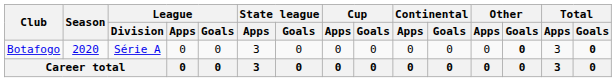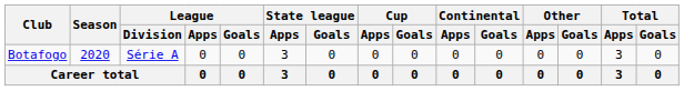 <table class="wikitable" style="text-align: center">
 <tr>
 <th rowspan="2">Club</th>
 <th rowspan="2">Season</th>
 <th colspan="3">League</th>
 <th colspan="2">State league</th>
 <th colspan="2">Cup</th>
 <th colspan="2">Continental</th>
 <th colspan="2">Other</th>
 <th colspan="2">Total</th>
 </tr>
 <tr>
 <th>Division</th>
 <th>Apps</th>
 <th>Goals</th>
 <th>Apps</th>
 <th>Goals</th>
 <th>Apps</th>
 <th>Goals</th>
 <th>Apps</th>
 <th>Goals</th>
 <th>Apps</th>
 <th>Goals</th>
 <th>Apps</th>
 <th>Goals</th>
 </tr>
 <tr>
 <td><a href='#'>Botafogo</a></td>
 <td><a href='#'>2020</a></td>
 <td><a href='#'>Série A</a></td>
 <td>0</td>
 <td>0</td>
 <td>3</td>
 <td>0</td>
 <td>0</td>
 <td>0</td>
 <td>0</td>
 <td>0</td>
 <td>0</td>
-<td><strong>0</strong></td>
+<td>0</td>
 <td>3</td>
-<td><strong>0</strong></td>
+<td>0</td>
 </tr>
 <tr>
 <th colspan="3"><strong>Career total</strong></th>
 <th>0</th>
 <th>0</th>
 <th>3</th>
 <th>0</th>
 <th>0</th>
 <th>0</th>
 <th>0</th>
 <th>0</th>
 <th>0</th>
 <th>0</th>
 <th>3</th>
 <th>0</th>
 </tr>
 </table>
